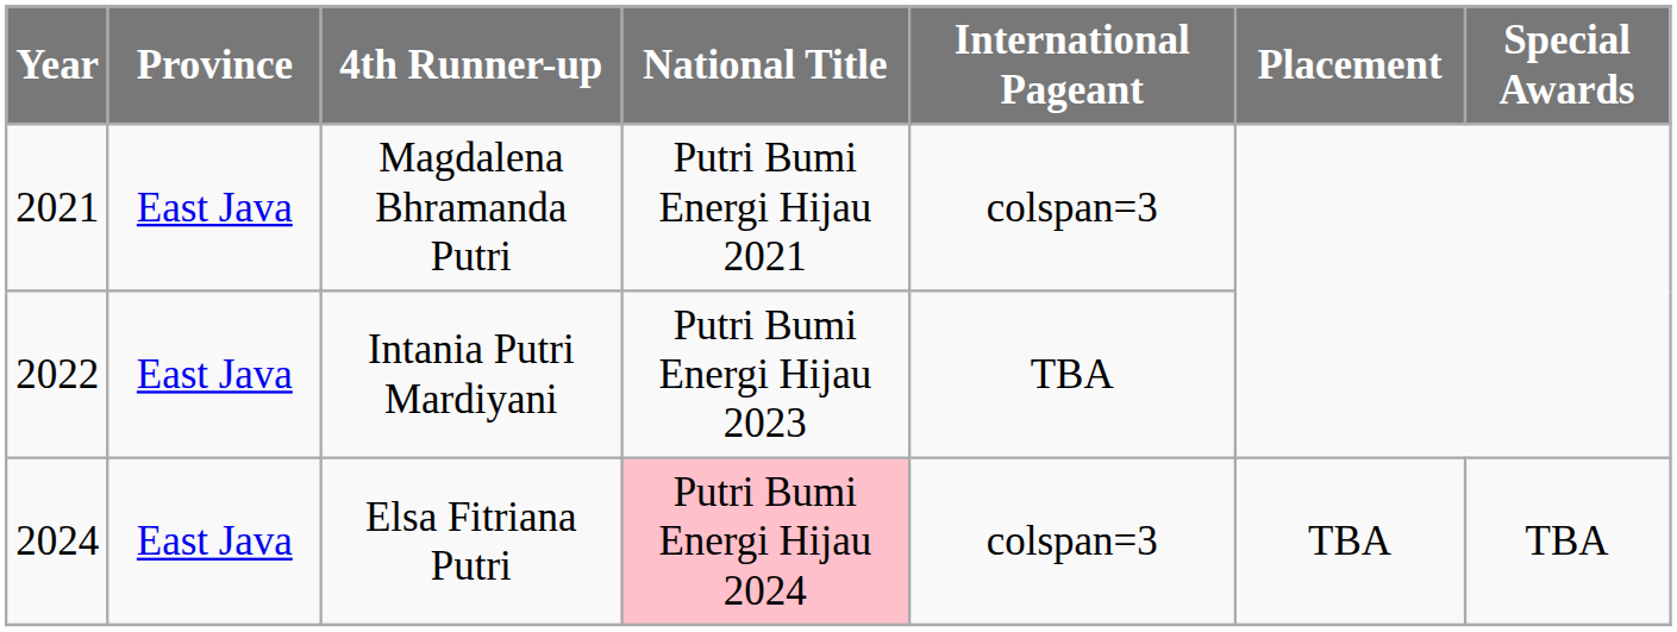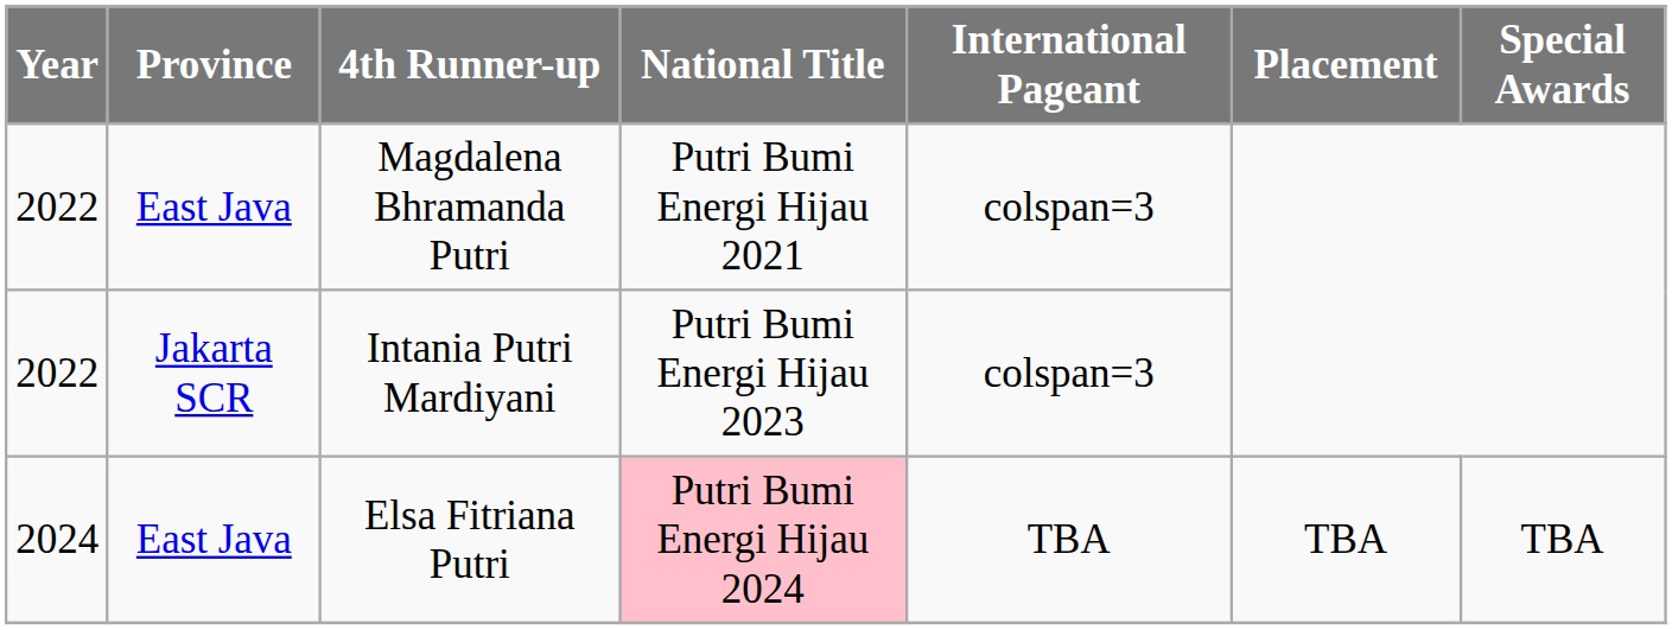 <table class="wikitable sortable" style="font-size: 95%; text-align:center">
 <tr>
 <th width="30" style="background-color:#787878;color:#FFFFFF;">Year</th>
 <th width="150" style="background-color:#787878;color:#FFFFFF;">Province</th>
 <th width="300" style="background-color:#787878;color:#FFFFFF;">4th Runner-up</th>
 <th width="350" style="background-color:#787878;color:#FFFFFF;">National Title</th>
 <th width="270" style="background-color:#787878;color:#FFFFFF;">International Pageant</th>
 <th width="130" style="background-color:#787878;color:#FFFFFF;">Placement</th>
 <th width="180" style="background-color:#787878;color:#FFFFFF;">Special Awards</th>
 </tr>
 <tr>
-<td>2021</td>
+<td>2022</td>
 <td><a href='#'>East Java</a></td>
 <td>Magdalena Bhramanda Putri</td>
 <td>Putri Bumi Energi Hijau 2021</td>
 <td>colspan=3 </td>
 </tr>
 <tr>
 <td>2022</td>
-<td><a href='#'>East Java</a></td>
+<td><a href='#'>Jakarta SCR</a></td>
 <td>Intania Putri Mardiyani</td>
 <td>Putri Bumi Energi Hijau 2023</td>
-<td>TBA</td>
+<td>colspan=3 </td>
 </tr>
 <tr>
 <td>2024</td>
 <td><a href='#'>East Java</a></td>
 <td>Elsa Fitriana Putri</td>
 <td style="background: pink;">Putri Bumi Energi Hijau 2024</td>
-<td>colspan=3 </td>
+<td>TBA</td>
 <td>TBA</td>
 <td>TBA</td>
 </tr>
 <tr>
 </tr>
 </table>
